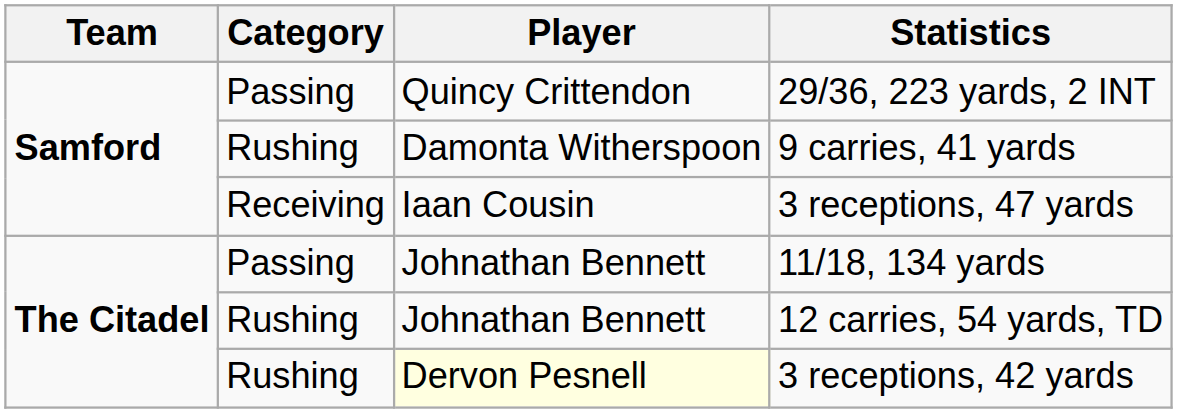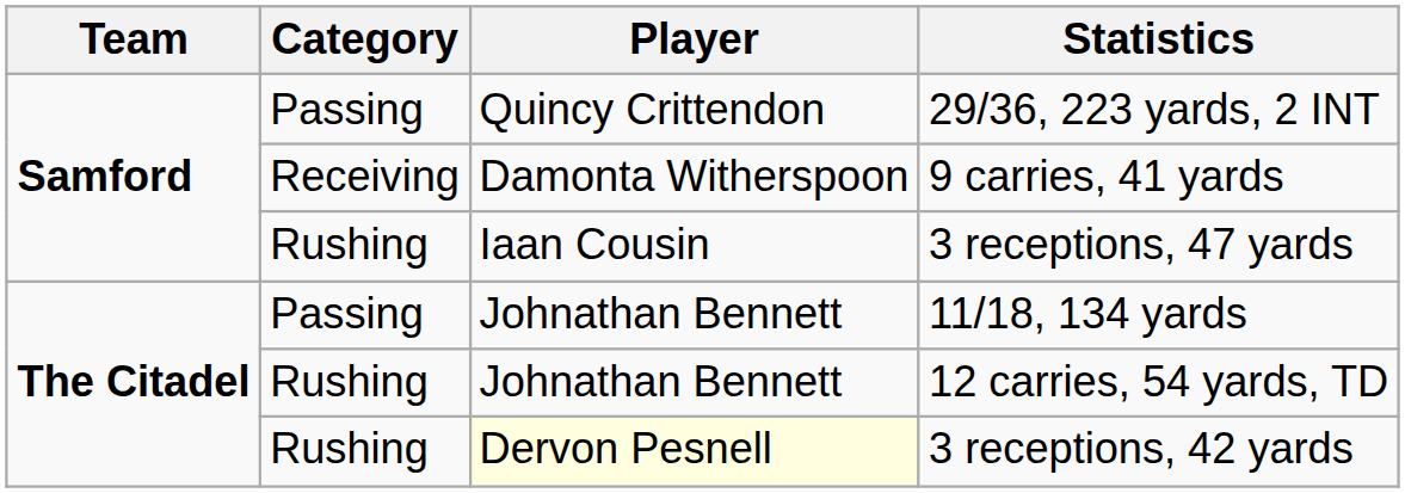 <table class="wikitable" style="float: right;">
 <tr>
 <th>Team</th>
 <th>Category</th>
 <th>Player</th>
 <th>Statistics</th>
 </tr>
 <tr>
 <td rowspan=3><strong>Samford</strong></td>
 <td>Passing</td>
 <td>Quincy Crittendon</td>
 <td>29/36, 223 yards, 2 INT</td>
 </tr>
 <tr>
-<td>Rushing</td>
+<td>Receiving</td>
 <td>Damonta Witherspoon</td>
 <td>9 carries, 41 yards</td>
 </tr>
 <tr>
-<td>Receiving</td>
+<td>Rushing</td>
 <td>Iaan Cousin</td>
 <td>3 receptions, 47 yards</td>
 </tr>
 <tr>
 <td rowspan=3><strong>The Citadel</strong></td>
 <td>Passing</td>
 <td>Johnathan Bennett</td>
 <td>11/18, 134 yards</td>
 </tr>
 <tr>
 <td>Rushing</td>
 <td>Johnathan Bennett</td>
 <td>12 carries, 54 yards, TD</td>
 </tr>
 <tr>
 <td>Rushing</td>
 <td style="background: lightyellow;">Dervon Pesnell</td>
 <td>3 receptions, 42 yards</td>
 </tr>
 </table>
